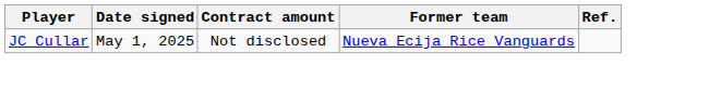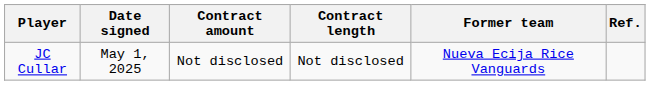 <table class="wikitable sortable sortable">
 <tr>
 <th>Player</th>
 <th>Date signed</th>
 <th>Contract amount</th>
+<th>Contract length</th>
 <th>Former team</th>
 <th>Ref.</th>
 </tr>
 <tr>
 <td align=center><a href='#'>JC Cullar</a></td>
 <td align=center>May 1, 2025</td>
 <td align=center>Not disclosed</td>
+<td align=center>Not disclosed</td>
 <td align=center><a href='#'>Nueva Ecija Rice Vanguards</a> </td>
 <td align=center></td>
 </tr>
 </table>
